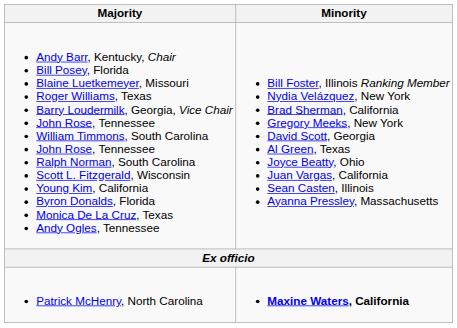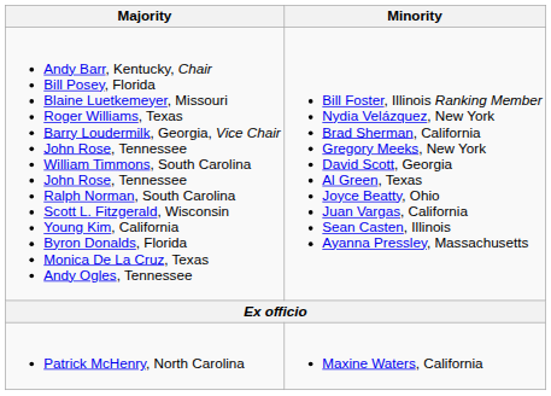 <table class=wikitable>
 <tr>
 <th>Majority</th>
 <th>Minority</th>
 </tr>
 <tr>
 <td><br><ul><li><a href='#'>Andy Barr</a>, Kentucky, <em>Chair</em> </li><li><a href='#'>Bill Posey</a>, Florida</li><li><a href='#'>Blaine Luetkemeyer</a>, Missouri</li><li><a href='#'>Roger Williams</a>, Texas</li><li><a href='#'>Barry Loudermilk</a>, Georgia, <em>Vice Chair</em></li><li><a href='#'>John Rose</a>, Tennessee</li><li><a href='#'>William Timmons</a>, South Carolina</li><li><a href='#'>John Rose</a>, Tennessee</li><li><a href='#'>Ralph Norman</a>, South Carolina</li><li><a href='#'>Scott L. Fitzgerald</a>, Wisconsin</li><li><a href='#'>Young Kim</a>, California</li><li><a href='#'>Byron Donalds</a>, Florida</li><li><a href='#'>Monica De La Cruz</a>, Texas</li><li><a href='#'>Andy Ogles</a>, Tennessee</li></ul></td>
 <td><br><ul><li><a href='#'>Bill Foster</a>, Illinois <em>Ranking Member</em></li><li><a href='#'>Nydia Velázquez</a>, New York</li><li><a href='#'>Brad Sherman</a>, California</li><li><a href='#'>Gregory Meeks</a>, New York</li><li><a href='#'>David Scott</a>, Georgia</li><li><a href='#'>Al Green</a>, Texas</li><li><a href='#'>Joyce Beatty</a>, Ohio</li><li><a href='#'>Juan Vargas</a>, California</li><li><a href='#'>Sean Casten</a>, Illinois</li><li><a href='#'>Ayanna Pressley</a>, Massachusetts</li></ul></td>
 </tr>
 <tr>
 <th colspan=2><em>Ex officio</em></th>
 </tr>
 <tr>
 <td><br><ul><li><a href='#'>Patrick McHenry</a>, North Carolina</li></ul></td>
-<td><strong><br><ul><li><a href='#'>Maxine Waters</a>, California</li></ul></strong></td>
+<td><br><ul><li><a href='#'>Maxine Waters</a>, California</li></ul></td>
 </tr>
 </table>
